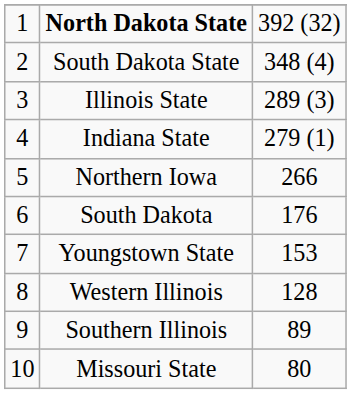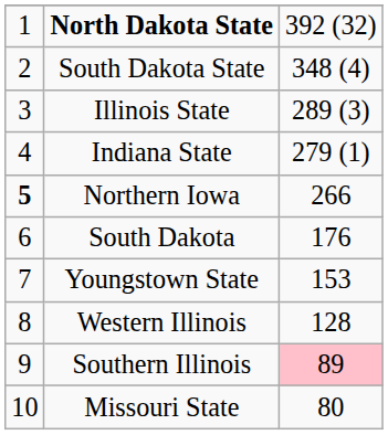 <table class="wikitable">
 <tr align="center">
 </tr>
 <tr align="center">
 <td>1</td>
 <td><strong>North Dakota State</strong></td>
 <td>392 (32)</td>
 </tr>
 <tr align="center">
 <td>2</td>
 <td>South Dakota State</td>
 <td>348 (4)</td>
 </tr>
 <tr align="center">
 <td>3</td>
 <td>Illinois State</td>
 <td>289 (3)</td>
 </tr>
 <tr align="center">
 <td>4</td>
 <td>Indiana State</td>
 <td>279 (1)</td>
 </tr>
 <tr align="center">
-<td>5</td>
+<td><strong>5</strong></td>
 <td>Northern Iowa</td>
 <td>266</td>
 </tr>
 <tr align="center">
 <td>6</td>
 <td>South Dakota</td>
 <td>176</td>
 </tr>
 <tr align="center">
 <td>7</td>
 <td>Youngstown State</td>
 <td>153</td>
 </tr>
 <tr align="center">
 <td>8</td>
 <td>Western Illinois</td>
 <td>128</td>
 </tr>
 <tr align="center">
 <td>9</td>
 <td>Southern Illinois</td>
-<td>89</td>
+<td style="background: pink;">89</td>
 </tr>
 <tr align="center">
 <td>10</td>
 <td>Missouri State</td>
 <td>80</td>
 </tr>
 </table>
